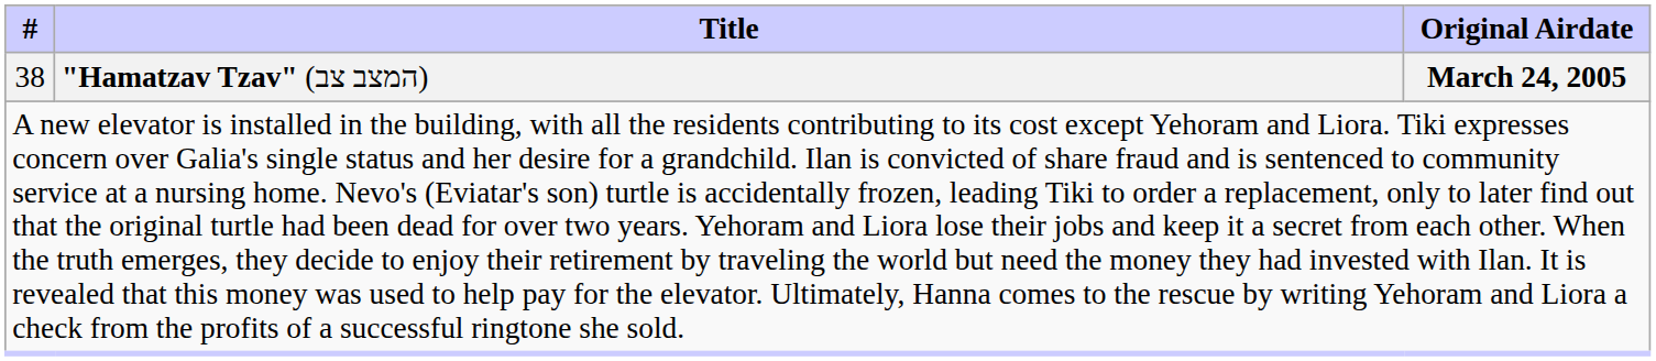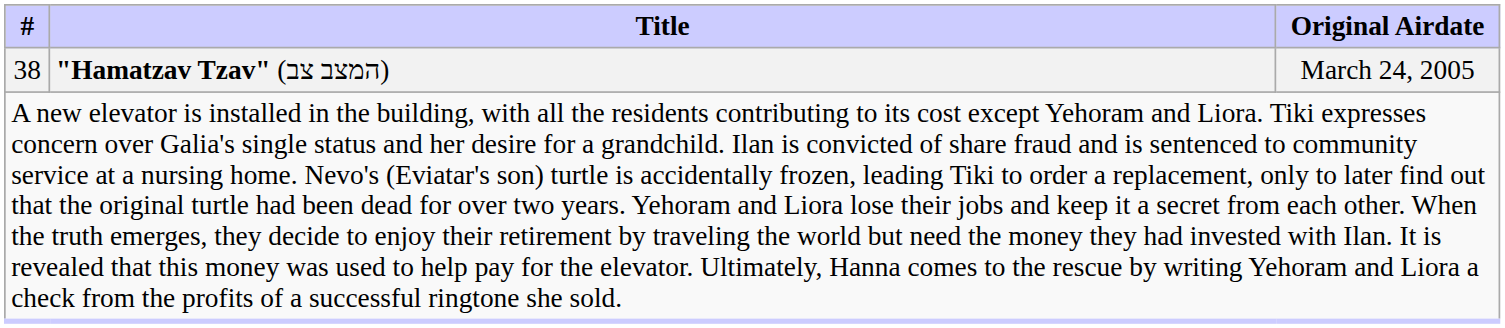 <table class="wikitable" width=99%>
 <tr>
 <th style="background: #CCF" width="3%">#</th>
 <th style="background: #CCF">Title</th>
 <th style="background: #CCF" width="15%">Original Airdate</th>
 </tr>
 <tr class="vevent" style="text-align: center; background:#F2F2F2">
 <td>38</td>
 <td class="summary" style="text-align: left;"><strong>"Hamatzav Tzav"</strong> (המצב צב)</td>
-<td><strong>March 24, 2005</strong></td>
+<td>March 24, 2005</td>
 </tr>
 <tr>
 <td class="description" style="border-bottom:3px solid #CCCCFF" colspan="4">A new elevator is installed in the building, with all the residents contributing to its cost except Yehoram and Liora. Tiki expresses concern over Galia's single status and her desire for a grandchild. Ilan is convicted of share fraud and is sentenced to community service at a nursing home. Nevo's (Eviatar's son) turtle is accidentally frozen, leading Tiki to order a replacement, only to later find out that the original turtle had been dead for over two years. Yehoram and Liora lose their jobs and keep it a secret from each other. When the truth emerges, they decide to enjoy their retirement by traveling the world but need the money they had invested with Ilan. It is revealed that this money was used to help pay for the elevator. Ultimately, Hanna comes to the rescue by writing Yehoram and Liora a check from the profits of a successful ringtone she sold.</td>
 </tr>
 </table>
